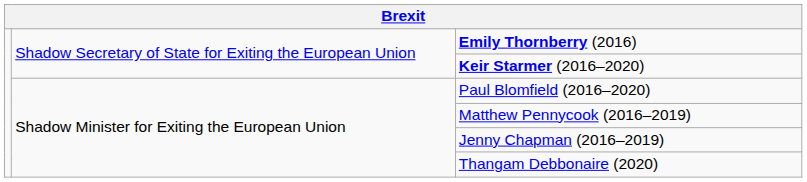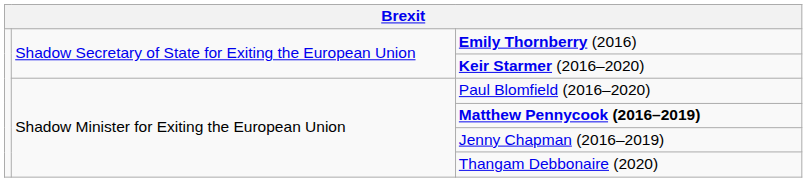 <table class="wikitable">
 <tr>
 <th colspan="3"><a href='#'>Brexit</a></th>
 </tr>
 <tr>
 <td rowspan="6" style="background: "></td>
 <td rowspan="2" style="width: 450px;"><a href='#'>Shadow Secretary of State for Exiting the European Union</a></td>
 <td style="width: 350px;"><strong><a href='#'>Emily Thornberry</a></strong> (2016)</td>
 </tr>
 <tr>
 <td><strong><a href='#'>Keir Starmer</a></strong> (2016–2020)</td>
 </tr>
 <tr>
 <td rowspan="4">Shadow Minister for Exiting the European Union</td>
 <td><a href='#'>Paul Blomfield</a> (2016–2020)</td>
 </tr>
 <tr>
-<td><a href='#'>Matthew Pennycook</a> (2016–2019)</td>
+<td><strong><a href='#'>Matthew Pennycook</a> (2016–2019)</strong></td>
 </tr>
 <tr>
 <td><a href='#'>Jenny Chapman</a> (2016–2019)</td>
 </tr>
 <tr>
 <td><a href='#'>Thangam Debbonaire</a> (2020)</td>
 </tr>
 </table>
